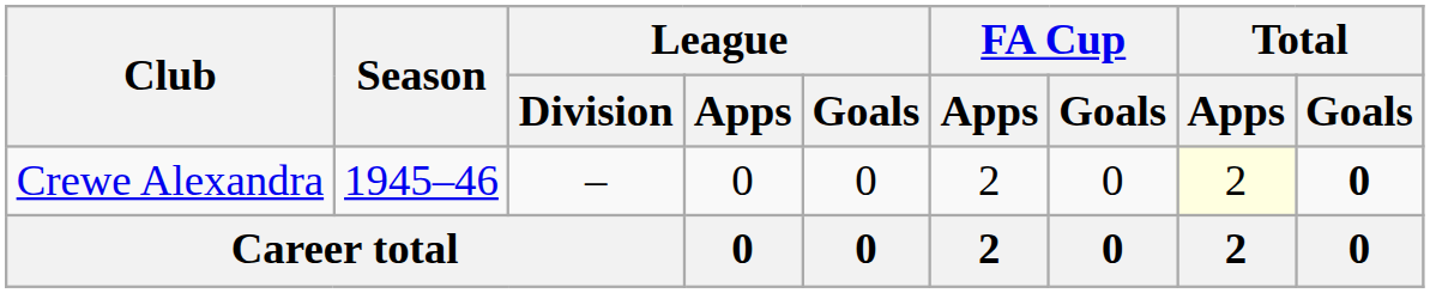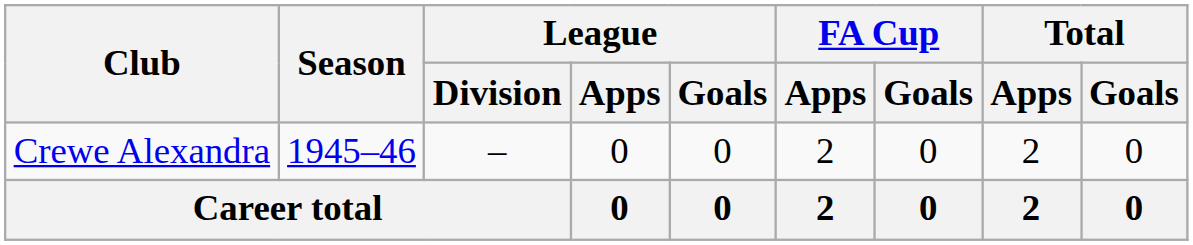 <table class="wikitable" style="text-align:center">
 <tr>
 <th rowspan="2">Club</th>
 <th rowspan="2">Season</th>
 <th colspan="3">League</th>
 <th colspan="2"><a href='#'>FA Cup</a></th>
 <th colspan="2">Total</th>
 </tr>
 <tr>
 <th>Division</th>
 <th>Apps</th>
 <th>Goals</th>
 <th>Apps</th>
 <th>Goals</th>
 <th>Apps</th>
 <th>Goals</th>
 </tr>
 <tr>
 <td><a href='#'>Crewe Alexandra</a></td>
 <td><a href='#'>1945–46</a></td>
 <td>–</td>
 <td>0</td>
 <td>0</td>
 <td>2</td>
 <td>0</td>
-<td style="background: lightyellow;">2</td>
-<td><strong>0</strong></td>
+<td>2</td>
+<td>0</td>
 </tr>
 <tr>
 <th colspan="3">Career total</th>
 <th>0</th>
 <th>0</th>
 <th>2</th>
 <th>0</th>
 <th>2</th>
 <th>0</th>
 </tr>
 </table>
